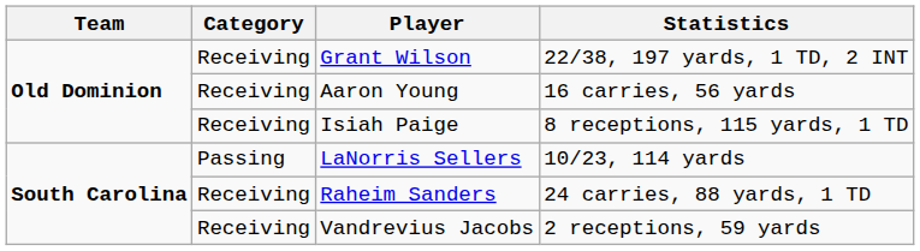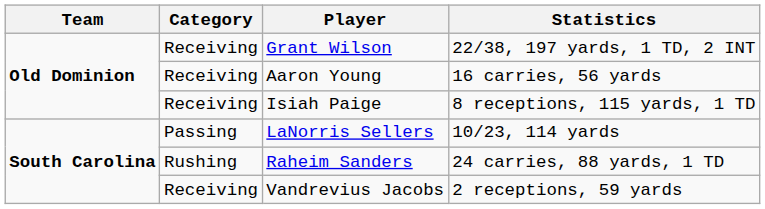 <table class="wikitable" style="float: right;">
 <tr>
 <th>Team</th>
 <th>Category</th>
 <th>Player</th>
 <th>Statistics</th>
 </tr>
 <tr>
 <td rowspan=3><strong>Old Dominion</strong></td>
 <td>Receiving</td>
 <td><a href='#'>Grant Wilson</a></td>
 <td>22/38, 197 yards, 1 TD, 2 INT</td>
 </tr>
 <tr>
 <td>Receiving</td>
 <td>Aaron Young</td>
 <td>16 carries, 56 yards</td>
 </tr>
 <tr>
 <td>Receiving</td>
 <td>Isiah Paige</td>
 <td>8 receptions, 115 yards, 1 TD</td>
 </tr>
 <tr>
 <td rowspan=3><strong>South Carolina</strong></td>
 <td>Passing</td>
 <td><a href='#'>LaNorris Sellers</a></td>
 <td>10/23, 114 yards</td>
 </tr>
 <tr>
-<td>Receiving</td>
+<td>Rushing</td>
 <td><a href='#'>Raheim Sanders</a></td>
 <td>24 carries, 88 yards, 1 TD</td>
 </tr>
 <tr>
 <td>Receiving</td>
 <td>Vandrevius Jacobs</td>
 <td>2 receptions, 59 yards</td>
 </tr>
 </table>
